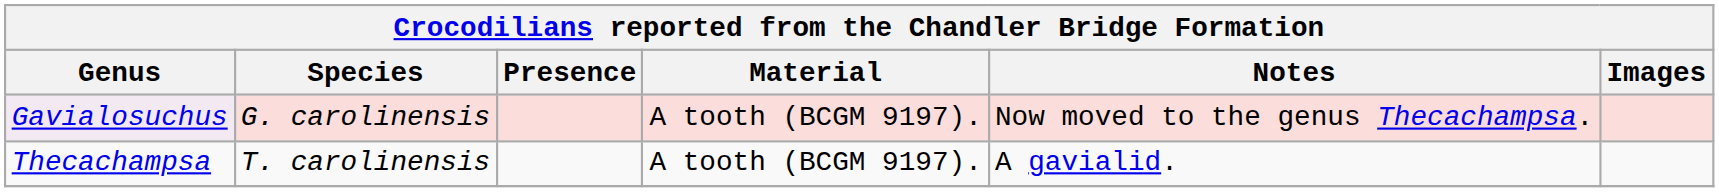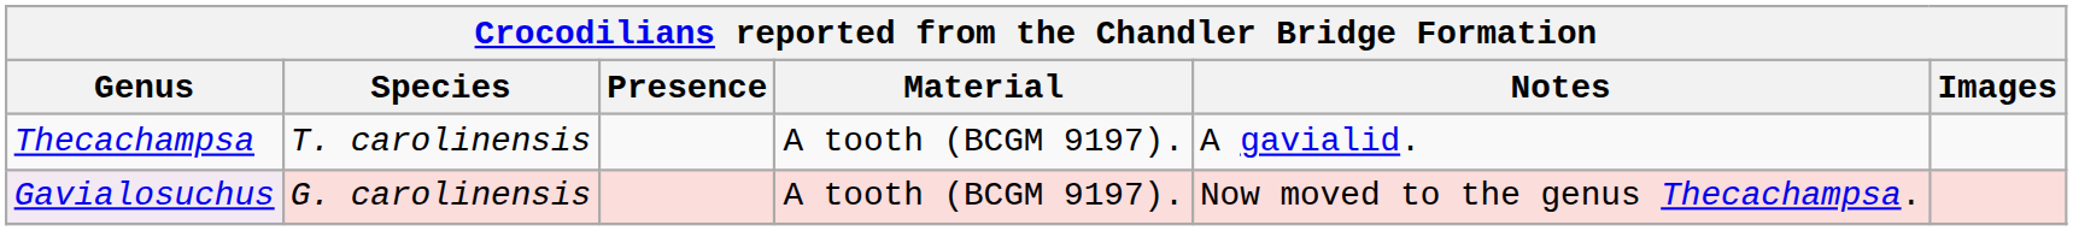 <table class="wikitable" align="center">
 <tr>
 <th colspan="6" align="center"><strong><a href='#'>Crocodilians</a> reported from the Chandler Bridge Formation</strong></th>
 </tr>
 <tr>
 <th>Genus</th>
 <th>Species</th>
 <th>Presence</th>
 <th><strong>Material</strong></th>
 <th>Notes</th>
 <th>Images</th>
 </tr>
 <tr>
+<td><em><a href='#'>Thecachampsa</a></em></td>
+<td><em>T. carolinensis</em></td>
+<td></td>
+<td>A tooth (BCGM 9197).</td>
+<td>A <a href='#'>gavialid</a>.</td>
+<td></td>
+</tr>
+<tr>
 <td style="background:#f3e9f3;"><em><a href='#'>Gavialosuchus</a></em></td>
 <td style="background:#fbdddb;"><em>G. carolinensis</em></td>
 <td style="background:#fbdddb;"></td>
 <td style="background:#fbdddb;">A tooth  (BCGM 9197).</td>
 <td style="background:#fbdddb;">Now moved to the genus <em><a href='#'>Thecachampsa</a></em>.</td>
 <td style="background:#fbdddb;"></td>
 </tr>
 <tr>
-<td><em><a href='#'>Thecachampsa</a></em></td>
-<td><em>T. carolinensis</em></td>
-<td></td>
-<td>A tooth (BCGM 9197).</td>
-<td>A <a href='#'>gavialid</a>.</td>
-<td></td>
-</tr>
-<tr>
 </tr>
 </table>
